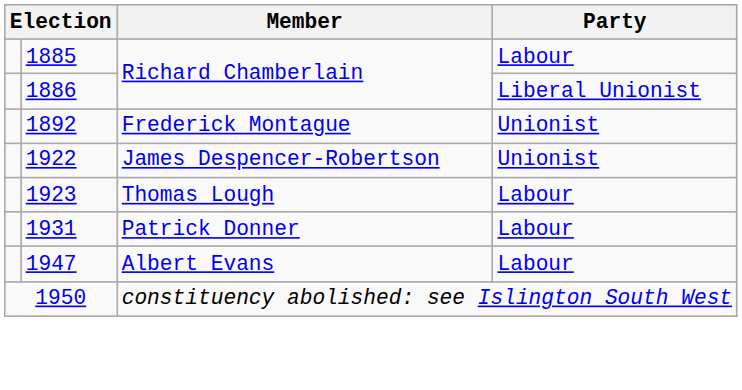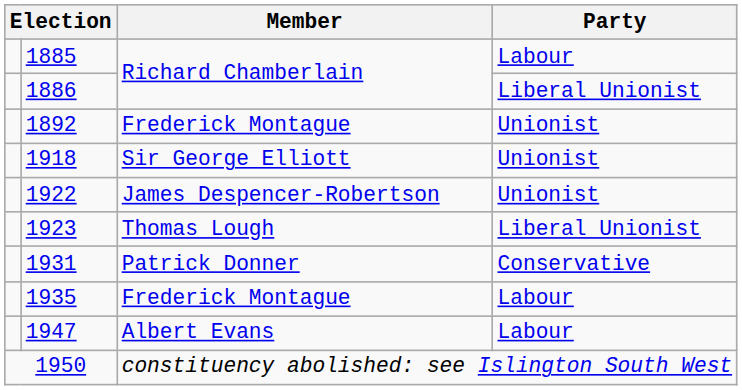 <table class="wikitable">
 <tr>
 <th colspan="2">Election</th>
 <th>Member</th>
 <th>Party</th>
 </tr>
 <tr>
 <td style="color:inherit;background-color: "></td>
 <td><a href='#'>1885</a></td>
 <td rowspan="2"><a href='#'>Richard Chamberlain</a></td>
 <td><a href='#'>Labour</a></td>
 </tr>
 <tr>
 <td style="color:inherit;background-color: "></td>
 <td><a href='#'>1886</a></td>
 <td><a href='#'>Liberal Unionist</a></td>
 </tr>
 <tr>
 <td style="color:inherit;background-color: "></td>
 <td><a href='#'>1892</a></td>
 <td><a href='#'>Frederick Montague</a></td>
 <td><a href='#'>Unionist</a></td>
 </tr>
 <tr>
 <td style="color:inherit;background-color: "></td>
+<td><a href='#'>1918</a></td>
+<td><a href='#'>Sir George Elliott</a></td>
+<td><a href='#'>Unionist</a></td>
+</tr>
+<tr>
+<td style="color:inherit;background-color: "></td>
 <td><a href='#'>1922</a></td>
 <td><a href='#'>James Despencer-Robertson</a></td>
 <td><a href='#'>Unionist</a></td>
 </tr>
 <tr>
 <td style="color:inherit;background-color: "></td>
 <td><a href='#'>1923</a></td>
 <td><a href='#'>Thomas Lough</a></td>
-<td><a href='#'>Labour</a></td>
+<td><a href='#'>Liberal Unionist</a></td>
 </tr>
 <tr>
 <td style="color:inherit;background-color: "></td>
 <td><a href='#'>1931</a></td>
 <td><a href='#'>Patrick Donner</a></td>
+<td><a href='#'>Conservative</a></td>
+</tr>
+<tr>
+<td style="color:inherit;background-color: "></td>
+<td><a href='#'>1935</a></td>
+<td><a href='#'>Frederick Montague</a></td>
 <td><a href='#'>Labour</a></td>
 </tr>
 <tr>
 <td style="color:inherit;background-color: "></td>
 <td><a href='#'>1947</a></td>
 <td><a href='#'>Albert Evans</a></td>
 <td><a href='#'>Labour</a></td>
 </tr>
 <tr>
 <td colspan="2" align="center"><a href='#'>1950</a></td>
 <td colspan="2"><em>constituency abolished: see <a href='#'>Islington South West</a></em></td>
 </tr>
 </table>
